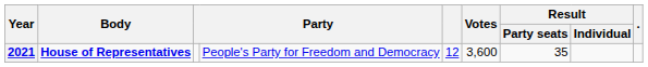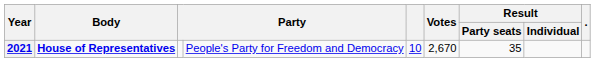 <table class="wikitable plainrowheaders sortable" border=2 cellpadding=4 cellspacing=0 style="border: 1px #aaa solid; font-size: 90%; text-align:center;">
 <tr>
 <th scope="col" rowspan=2>Year</th>
 <th scope="col" rowspan=2>Body</th>
 <th scope="col" colspan=2 rowspan=2>Party</th>
 <th scope="col" rowspan=2></th>
 <th scope="col" rowspan=2>Votes</th>
 <th scope="colgroup" colspan=2>Result</th>
 <th scope="col" rowspan=2 class="unsortable">.</th>
 </tr>
 <tr>
 <th scope="col">Party seats</th>
 <th scope="col">Individual</th>
 </tr>
 <tr>
 <th scope="row"><a href='#'>2021</a></th>
 <td><strong><a href='#'>House of Representatives</a></strong></td>
 <td style="background-color:"></td>
 <td><a href='#'>People's Party for Freedom and Democracy</a></td>
-<td style=text-align:right><a href='#'>12</a></td>
-<td style=text-align:right>3,600</td>
+<td style=text-align:right><a href='#'>10</a></td>
+<td style=text-align:right>2,670</td>
 <td style=text-align:right>35</td>
 <td></td>
 <td></td>
 </tr>
 </table>
